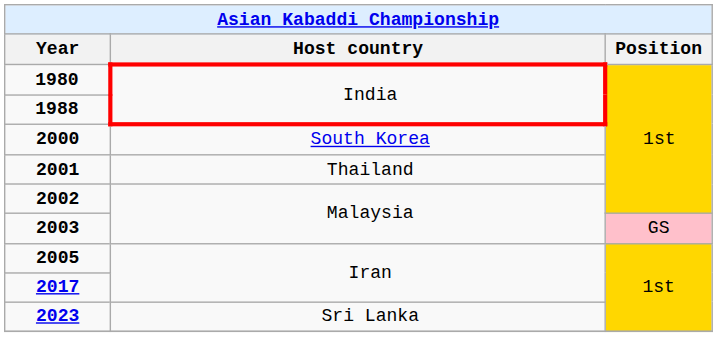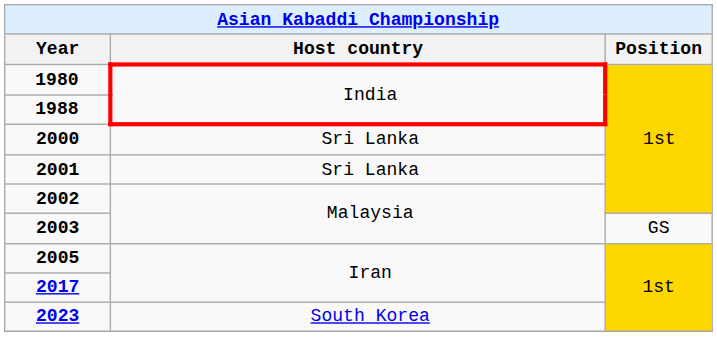 <table class="wikitable" style="text-align: center;">
 <tr>
 <th colspan=3 style="background-color: #ddeeff;"><a href='#'>Asian Kabaddi Championship</a></th>
 </tr>
 <tr>
 <th style="width: 70px;">Year</th>
 <th style="width: 350px;">Host country</th>
 <th style="width: 70px;">Position</th>
 </tr>
 <tr>
 <td><strong>1980</strong></td>
 <td style="text-align: center; padding-left: 20px; border: 3px solid red" rowspan=2> India</td>
 <td rowspan="5" style="background-color: gold"> 1st</td>
 </tr>
 <tr>
 <td><strong>1988</strong></td>
 </tr>
 <tr>
 <td><strong>2000</strong></td>
-<td style="text-align: center; padding-left: 20px;"> <a href='#'>South Korea</a></td>
+<td style="text-align: center; padding-left: 20px;"> Sri Lanka</td>
 </tr>
 <tr>
 <td><strong>2001</strong></td>
-<td style="text-align: center; padding-left: 20px;"> Thailand</td>
+<td style="text-align: center; padding-left: 20px;"> Sri Lanka</td>
 </tr>
 <tr>
 <td><strong>2002</strong></td>
 <td style="text-align: center; padding-left: 20px;" rowspan=2> Malaysia</td>
 </tr>
 <tr>
 <td><strong>2003</strong></td>
-<td style="background: pink;">GS</td>
+<td>GS</td>
 </tr>
 <tr>
 <td><strong>2005</strong></td>
 <td style="text-align: center; padding-left: 20px;" rowspan=2> Iran</td>
 <td rowspan="3" style="background-color: gold"> 1st</td>
 </tr>
 <tr>
 <td><strong><a href='#'>2017</a></strong></td>
 </tr>
 <tr>
 <td><strong><a href='#'>2023</a></strong></td>
-<td style="text-align: center; padding-left: 20px;"> Sri Lanka</td>
+<td style="text-align: center; padding-left: 20px;"> <a href='#'>South Korea</a></td>
 </tr>
 <tr>
 </tr>
 </table>
